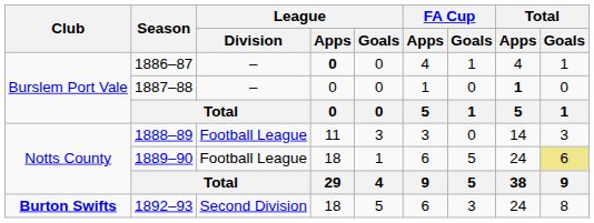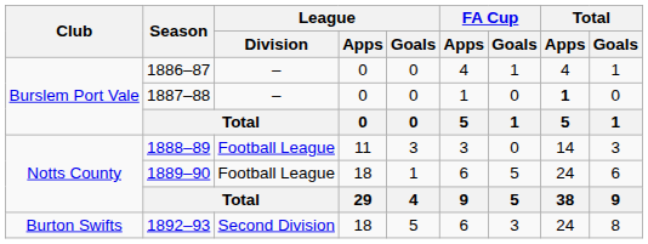 <table class="wikitable" style="text-align:center">
 <tr>
 <th rowspan="2">Club</th>
 <th rowspan="2">Season</th>
 <th colspan="3">League</th>
 <th colspan="2"><a href='#'>FA Cup</a></th>
 <th colspan="2">Total</th>
 </tr>
 <tr>
 <th>Division</th>
 <th>Apps</th>
 <th>Goals</th>
 <th>Apps</th>
 <th>Goals</th>
 <th>Apps</th>
 <th>Goals</th>
 </tr>
 <tr>
 <td rowspan="3"><a href='#'>Burslem Port Vale</a></td>
 <td>1886–87</td>
 <td>–</td>
-<td><strong>0</strong></td>
+<td>0</td>
 <td>0</td>
 <td>4</td>
 <td>1</td>
 <td>4</td>
 <td>1</td>
 </tr>
 <tr>
 <td>1887–88</td>
 <td>–</td>
 <td>0</td>
 <td>0</td>
 <td>1</td>
 <td>0</td>
 <td><strong>1</strong></td>
 <td>0</td>
 </tr>
 <tr>
 <th colspan="2">Total</th>
 <th>0</th>
 <th>0</th>
 <th>5</th>
 <th>1</th>
 <th>5</th>
 <th>1</th>
 </tr>
 <tr>
 <td rowspan="3"><a href='#'>Notts County</a></td>
 <td><a href='#'>1888–89</a></td>
 <td><a href='#'>Football League</a></td>
 <td>11</td>
 <td>3</td>
 <td>3</td>
 <td>0</td>
 <td>14</td>
 <td>3</td>
 </tr>
 <tr>
 <td><a href='#'>1889–90</a></td>
 <td>Football League</td>
 <td>18</td>
 <td>1</td>
 <td>6</td>
 <td>5</td>
 <td>24</td>
-<td style="background: khaki;">6</td>
+<td>6</td>
 </tr>
 <tr>
 <th colspan="2">Total</th>
 <th>29</th>
 <th>4</th>
 <th>9</th>
 <th>5</th>
 <th>38</th>
 <th>9</th>
 </tr>
 <tr>
-<td><strong><a href='#'>Burton Swifts</a></strong></td>
+<td><a href='#'>Burton Swifts</a></td>
 <td><a href='#'>1892–93</a></td>
 <td><a href='#'>Second Division</a></td>
 <td>18</td>
 <td>5</td>
 <td>6</td>
 <td>3</td>
 <td>24</td>
 <td>8</td>
 </tr>
 </table>
